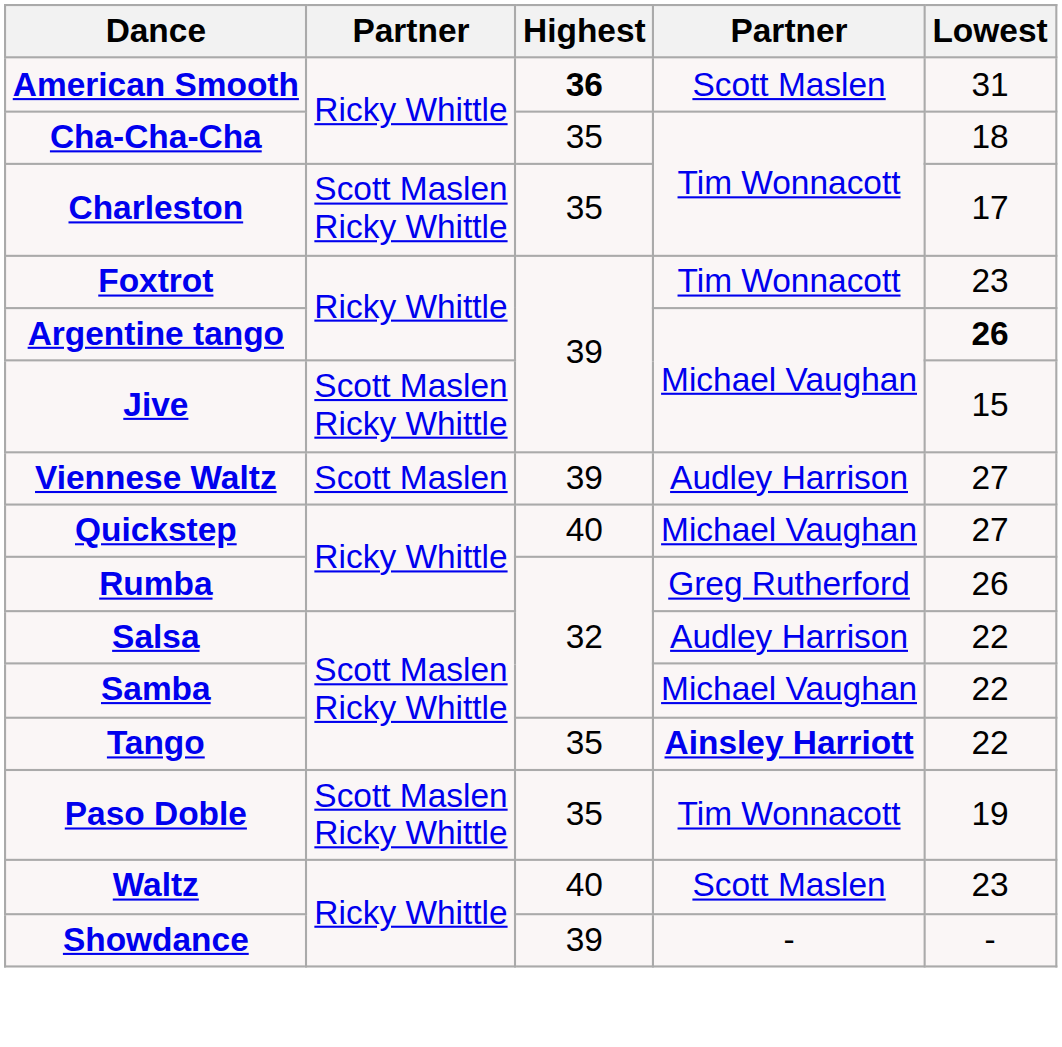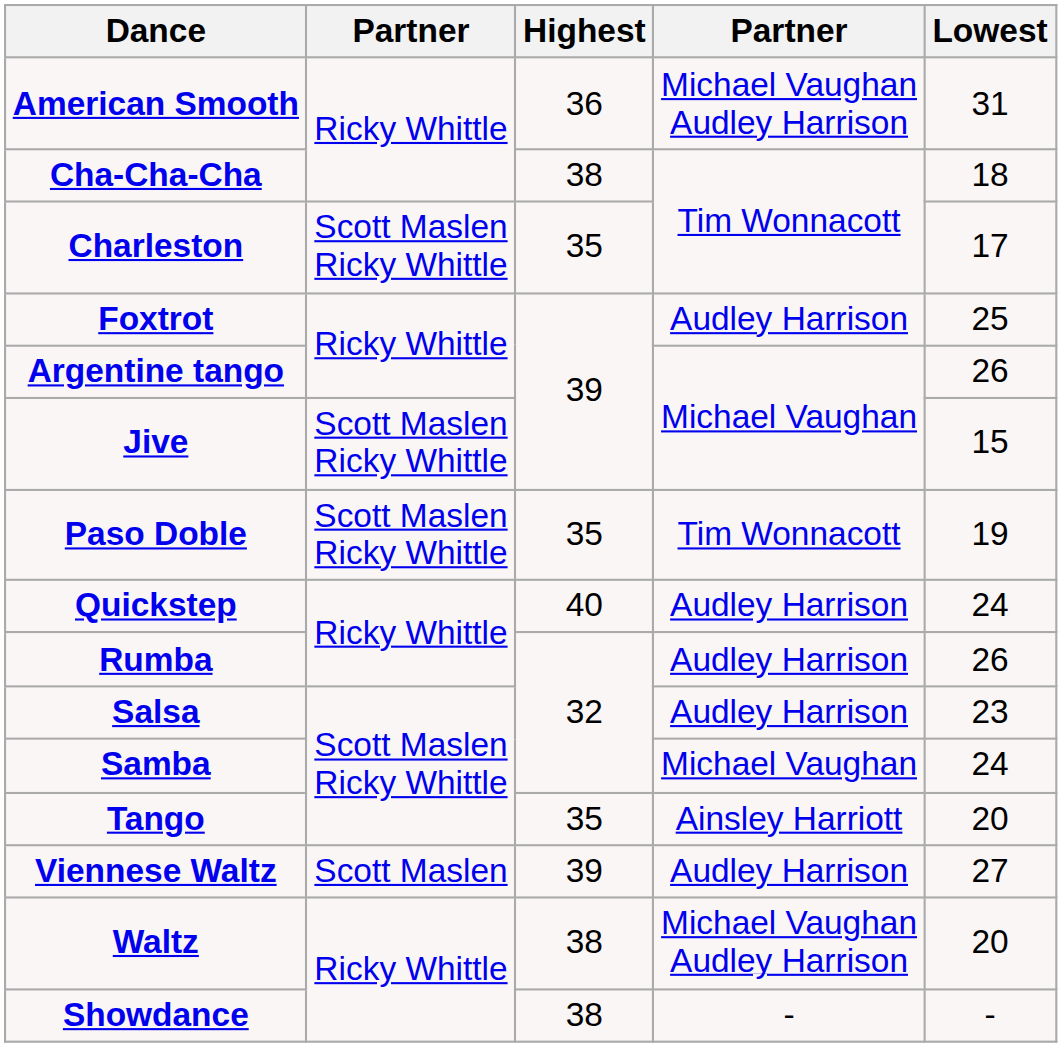 <table class="wikitable sortable collapsed">
 <tr style="text-align:Center; background:#cc;">
 <th>Dance</th>
 <th>Partner</th>
 <th>Highest</th>
 <th>Partner</th>
 <th>Lowest</th>
 </tr>
 <tr style="text-align: center; background:#faf6f6;#">
 <td><strong><a href='#'>American Smooth</a></strong></td>
 <td rowspan="2"><a href='#'>Ricky Whittle</a></td>
-<td><strong>36</strong></td>
-<td><a href='#'>Scott Maslen</a></td>
+<td>36</td>
+<td><a href='#'>Michael Vaughan</a><br><a href='#'>Audley Harrison</a></td>
 <td>31</td>
 </tr>
 <tr style="text-align: center; background:#faf6f6;">
 <td><strong><a href='#'>Cha-Cha-Cha</a></strong></td>
-<td>35</td>
+<td>38</td>
 <td rowspan="2"><a href='#'>Tim Wonnacott</a></td>
 <td>18</td>
 </tr>
 <tr style="text-align: center; background:#faf6f6;">
 <td><strong><a href='#'>Charleston</a></strong></td>
 <td><a href='#'>Scott Maslen</a><br><a href='#'>Ricky Whittle</a></td>
 <td>35</td>
 <td>17</td>
 </tr>
 <tr style="text-align: center; background:#faf6f6;">
 <td><strong><a href='#'>Foxtrot</a></strong></td>
 <td rowspan="2"><a href='#'>Ricky Whittle</a></td>
 <td rowspan="3">39</td>
-<td><a href='#'>Tim Wonnacott</a></td>
-<td>23</td>
+<td><a href='#'>Audley Harrison</a></td>
+<td>25</td>
 </tr>
 <tr style="text-align: center; background:#faf6f6;">
 <td><strong><a href='#'>Argentine tango</a></strong></td>
 <td rowspan="2"><a href='#'>Michael Vaughan</a></td>
-<td><strong>26</strong></td>
+<td>26</td>
 </tr>
 <tr style="text-align: center; background:#faf6f6;">
 <td><strong><a href='#'>Jive</a></strong></td>
 <td><a href='#'>Scott Maslen</a><br><a href='#'>Ricky Whittle</a></td>
 <td>15</td>
+</tr>
+<tr style="text-align: center; background:#faf6f6;">
+<td><strong><a href='#'>Paso Doble</a></strong></td>
+<td><a href='#'>Scott Maslen</a><br><a href='#'>Ricky Whittle</a></td>
+<td>35</td>
+<td><a href='#'>Tim Wonnacott</a></td>
+<td>19</td>
+</tr>
+<tr style="text-align: center; background:#faf6f6;">
+<td><strong><a href='#'>Quickstep</a></strong></td>
+<td rowspan="2"><a href='#'>Ricky Whittle</a></td>
+<td>40</td>
+<td><a href='#'>Audley Harrison</a></td>
+<td>24</td>
+</tr>
+<tr style="text-align: center; background:#faf6f6;">
+<td><strong><a href='#'>Rumba</a></strong></td>
+<td rowspan="3">32</td>
+<td><a href='#'>Audley Harrison</a></td>
+<td>26</td>
+</tr>
+<tr style="text-align: center; background:#faf6f6;">
+<td><strong><a href='#'>Salsa</a></strong></td>
+<td rowspan="3"><a href='#'>Scott Maslen</a><br><a href='#'>Ricky Whittle</a></td>
+<td><a href='#'>Audley Harrison</a></td>
+<td>23</td>
+</tr>
+<tr style="text-align: center; background:#faf6f6;">
+<td><strong><a href='#'>Samba</a></strong></td>
+<td><a href='#'>Michael Vaughan</a></td>
+<td>24</td>
+</tr>
+<tr style="text-align: center; background:#faf6f6;">
+<td><strong><a href='#'>Tango</a></strong></td>
+<td>35</td>
+<td><a href='#'>Ainsley Harriott</a></td>
+<td>20</td>
 </tr>
 <tr style="text-align: center; background:#faf6f6;">
 <td><strong><a href='#'>Viennese Waltz</a></strong></td>
 <td><a href='#'>Scott Maslen</a></td>
 <td>39</td>
 <td><a href='#'>Audley Harrison</a></td>
 <td>27</td>
 </tr>
 <tr style="text-align: center; background:#faf6f6;">
-<td><strong><a href='#'>Quickstep</a></strong></td>
-<td rowspan="2"><a href='#'>Ricky Whittle</a></td>
-<td>40</td>
-<td><a href='#'>Michael Vaughan</a></td>
-<td>27</td>
-</tr>
-<tr style="text-align: center; background:#faf6f6;">
-<td><strong><a href='#'>Rumba</a></strong></td>
-<td rowspan="3">32</td>
-<td><a href='#'>Greg Rutherford</a></td>
-<td>26</td>
-</tr>
-<tr style="text-align: center; background:#faf6f6;">
-<td><strong><a href='#'>Salsa</a></strong></td>
-<td rowspan="3"><a href='#'>Scott Maslen</a><br><a href='#'>Ricky Whittle</a></td>
-<td><a href='#'>Audley Harrison</a></td>
-<td>22</td>
-</tr>
-<tr style="text-align: center; background:#faf6f6;">
-<td><strong><a href='#'>Samba</a></strong></td>
-<td><a href='#'>Michael Vaughan</a></td>
-<td>22</td>
-</tr>
-<tr style="text-align: center; background:#faf6f6;">
-<td><strong><a href='#'>Tango</a></strong></td>
-<td>35</td>
-<td><strong><a href='#'>Ainsley Harriott</a></strong></td>
-<td>22</td>
-</tr>
-<tr style="text-align: center; background:#faf6f6;">
-<td><strong><a href='#'>Paso Doble</a></strong></td>
-<td><a href='#'>Scott Maslen</a><br><a href='#'>Ricky Whittle</a></td>
-<td>35</td>
-<td><a href='#'>Tim Wonnacott</a></td>
-<td>19</td>
-</tr>
-<tr style="text-align: center; background:#faf6f6;">
 <td><strong><a href='#'>Waltz</a></strong></td>
 <td rowspan="2"><a href='#'>Ricky Whittle</a></td>
-<td>40</td>
-<td><a href='#'>Scott Maslen</a></td>
-<td>23</td>
+<td>38</td>
+<td><a href='#'>Michael Vaughan</a><br><a href='#'>Audley Harrison</a></td>
+<td>20</td>
 </tr>
 <tr style="text-align: center; background:#faf6f6;">
 <td><strong><a href='#'>Showdance</a></strong></td>
-<td>39</td>
+<td>38</td>
 <td>-</td>
 <td>-</td>
 </tr>
 </table>
